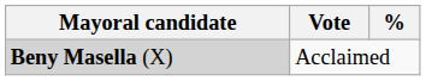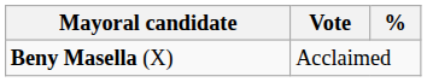 <table class="wikitable">
 <tr>
 <th bgcolor="#DDDDFF" width="200px">Mayoral candidate</th>
 <th bgcolor="#DDDDFF" width="50px">Vote</th>
 <th bgcolor="#DDDDFF" width="30px">%</th>
 </tr>
 <tr>
-<td style="background: lightgrey;"><strong>Beny Masella</strong> (X)</td>
+<td><strong>Beny Masella</strong> (X)</td>
 <td colspan="2">Acclaimed</td>
 </tr>
 </table>
